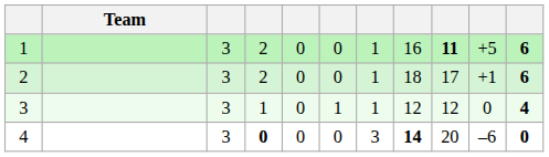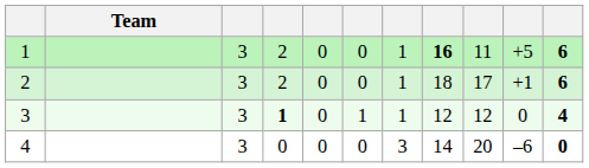 <table class="wikitable" style="text-align: center; font-size: 97%;">
 <tr>
 <th width="25"></th>
 <th width="135">Team</th>
 <th width="25"></th>
 <th width="25"></th>
 <th width="25"></th>
 <th width="25"></th>
 <th width="25"></th>
 <th width="25"></th>
 <th width="25"></th>
 <th width="25"></th>
 <th width="25"></th>
 </tr>
 <tr style="background-color: #bbf3bb;">
 <td>1</td>
 <td align=left></td>
 <td>3</td>
 <td>2</td>
 <td>0</td>
 <td>0</td>
 <td>1</td>
-<td>16</td>
-<td><strong>11</strong></td>
+<td><strong>16</strong></td>
+<td>11</td>
 <td>+5</td>
 <td><strong>6</strong></td>
 </tr>
 <tr style="background-color: #d5f4d5;">
 <td>2</td>
 <td align=left></td>
 <td>3</td>
 <td>2</td>
 <td>0</td>
 <td>0</td>
 <td>1</td>
 <td>18</td>
 <td>17</td>
 <td>+1</td>
 <td><strong>6</strong></td>
 </tr>
 <tr style="background-color: #edfced;">
 <td>3</td>
 <td align=left></td>
 <td>3</td>
-<td>1</td>
+<td><strong>1</strong></td>
 <td>0</td>
 <td>1</td>
 <td>1</td>
 <td>12</td>
 <td>12</td>
 <td>0</td>
 <td><strong>4</strong></td>
 </tr>
 <tr style="background-color: #fefffe;">
 <td>4</td>
 <td align=left></td>
 <td>3</td>
-<td><strong>0</strong></td>
+<td>0</td>
 <td>0</td>
 <td>0</td>
 <td>3</td>
-<td><strong>14</strong></td>
+<td>14</td>
 <td>20</td>
 <td>–6</td>
 <td><strong>0</strong></td>
 </tr>
 </table>
